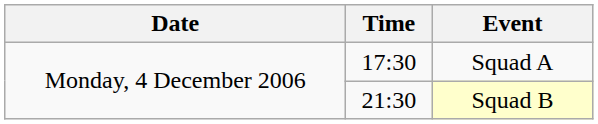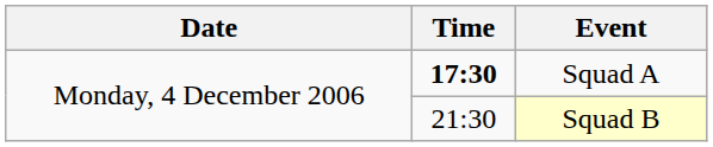 <table class = "wikitable" style="text-align:center;">
 <tr>
 <th width=220>Date</th>
 <th width=50>Time</th>
 <th width=100>Event</th>
 </tr>
 <tr>
 <td rowspan=2>Monday, 4 December 2006</td>
-<td>17:30</td>
+<td><strong>17:30</strong></td>
 <td>Squad A</td>
 </tr>
 <tr>
 <td>21:30</td>
 <td bgcolor=ffffcc>Squad B</td>
 </tr>
 </table>
